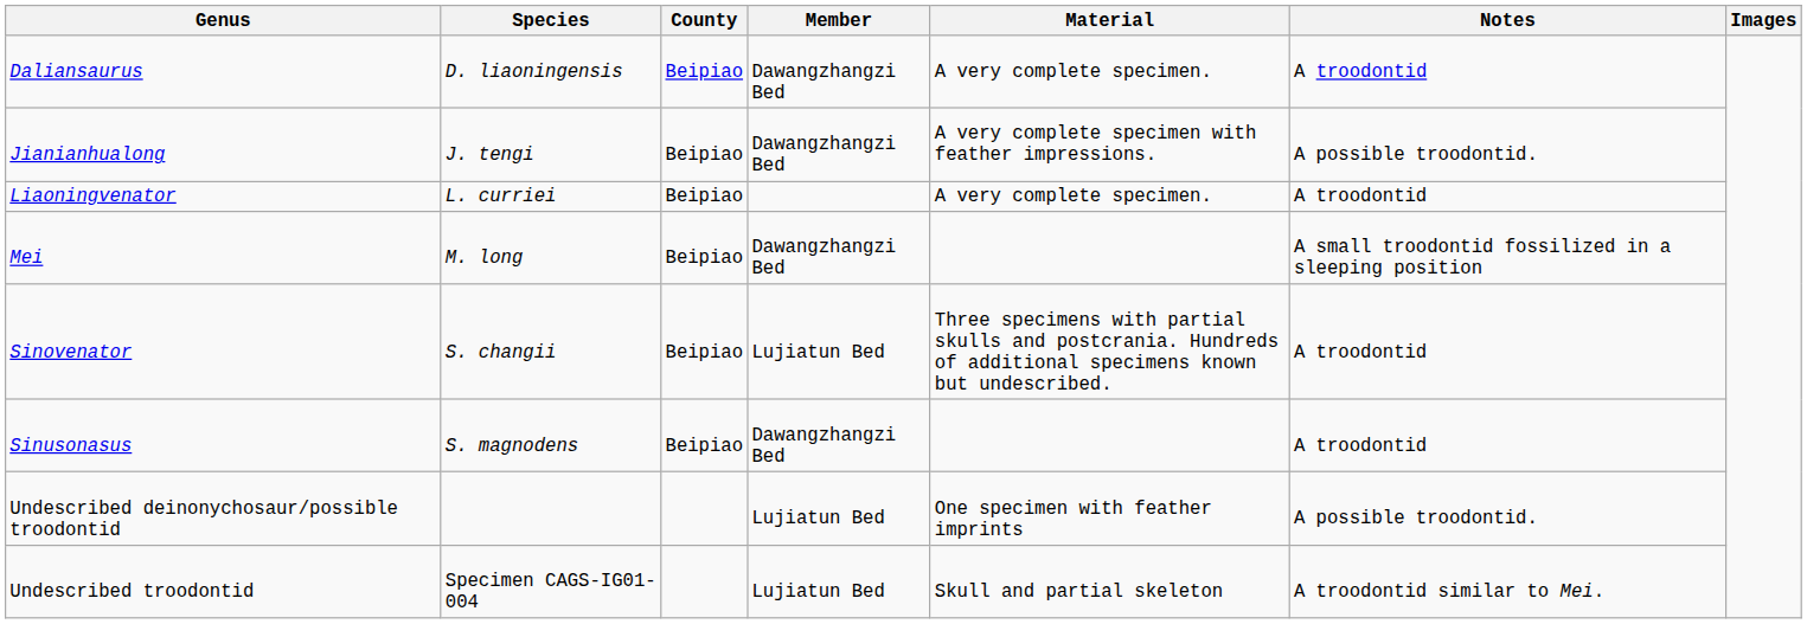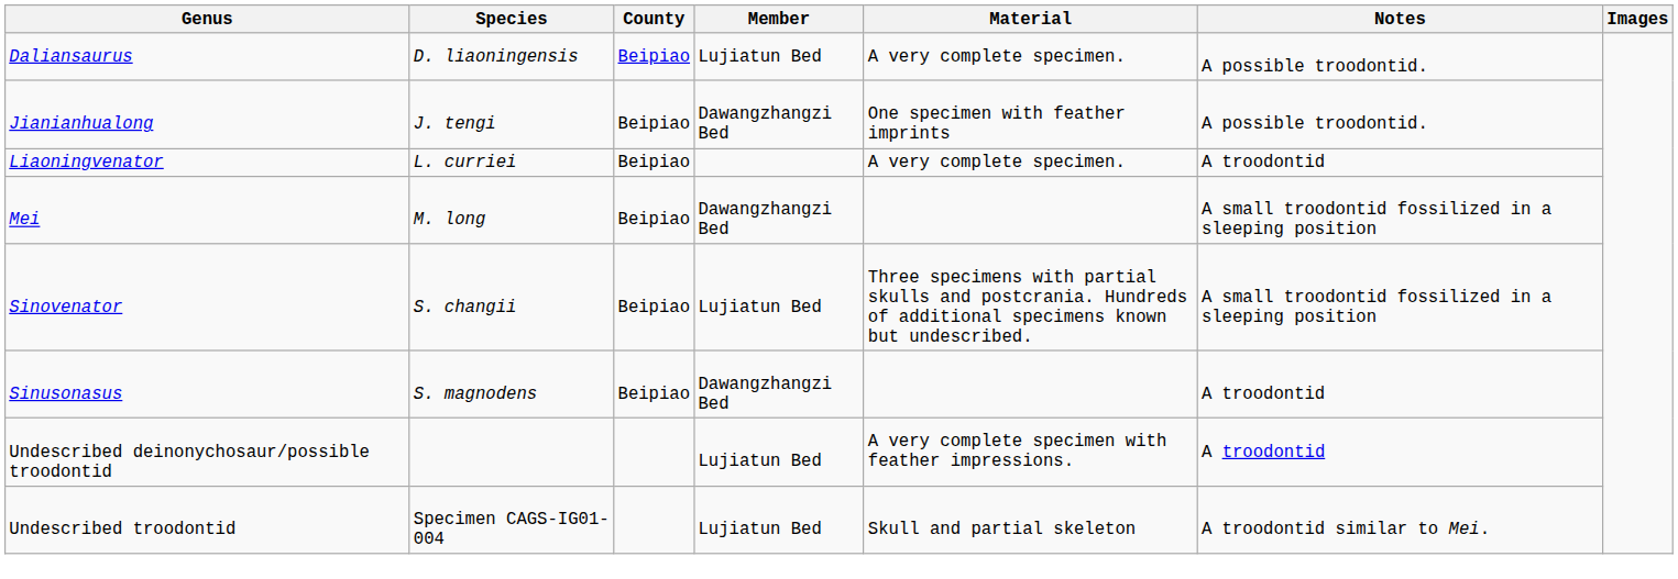 <table class="wikitable" align="center" width="100%">
 <tr>
 <th>Genus</th>
 <th>Species</th>
 <th>County</th>
 <th>Member</th>
 <th width="20%">Material</th>
 <th>Notes</th>
 <th>Images</th>
 </tr>
 <tr>
 <td><em><a href='#'>Daliansaurus</a></em></td>
 <td><em>D. liaoningensis</em></td>
 <td><a href='#'>Beipiao</a></td>
-<td><br>Dawangzhangzi Bed</td>
+<td>Lujiatun Bed</td>
 <td>A very complete specimen.</td>
-<td>A <a href='#'>troodontid</a></td>
+<td><br>A possible troodontid.</td>
 <td rowspan = "100"><br>    </td>
 </tr>
 <tr>
 <td><br><em><a href='#'>Jianianhualong</a></em></td>
 <td><br><em>J. tengi</em></td>
 <td><br>Beipiao</td>
 <td><br>Dawangzhangzi Bed</td>
-<td>A very complete specimen with feather impressions.</td>
+<td><br>One specimen with feather imprints</td>
 <td><br>A possible troodontid.</td>
 </tr>
 <tr>
 <td><em><a href='#'>Liaoningvenator</a></em></td>
 <td><em>L. curriei</em></td>
 <td>Beipiao</td>
 <td></td>
 <td>A very complete specimen.</td>
 <td>A troodontid</td>
 </tr>
 <tr>
 <td><br><em><a href='#'>Mei</a></em></td>
 <td><br><em>M. long</em></td>
 <td><br>Beipiao</td>
 <td><br>Dawangzhangzi Bed</td>
 <td></td>
 <td><br>A small troodontid fossilized in a sleeping position</td>
 </tr>
 <tr>
 <td><br><em><a href='#'>Sinovenator</a></em></td>
 <td><br><em>S. changii</em></td>
 <td><br>Beipiao</td>
 <td><br>Lujiatun Bed</td>
 <td><br>Three specimens with partial skulls and postcrania. Hundreds of additional specimens known but undescribed.</td>
-<td><br>A troodontid</td>
+<td><br>A small troodontid fossilized in a sleeping position</td>
 </tr>
 <tr>
 <td><br><em><a href='#'>Sinusonasus</a></em></td>
 <td><br><em>S. magnodens</em></td>
 <td><br>Beipiao</td>
 <td><br>Dawangzhangzi Bed</td>
 <td></td>
 <td><br>A troodontid</td>
 </tr>
 <tr>
 <td><br>Undescribed deinonychosaur/possible troodontid</td>
 <td></td>
 <td></td>
 <td><br>Lujiatun Bed</td>
-<td><br>One specimen with feather imprints</td>
-<td><br>A possible troodontid.</td>
+<td>A very complete specimen with feather impressions.</td>
+<td>A <a href='#'>troodontid</a></td>
 </tr>
 <tr>
 <td><br>Undescribed troodontid</td>
 <td><br>Specimen CAGS-IG01-004</td>
 <td></td>
 <td><br>Lujiatun Bed</td>
 <td><br>Skull and partial skeleton</td>
 <td><br>A troodontid similar to <em>Mei</em>.</td>
 </tr>
 </table>
